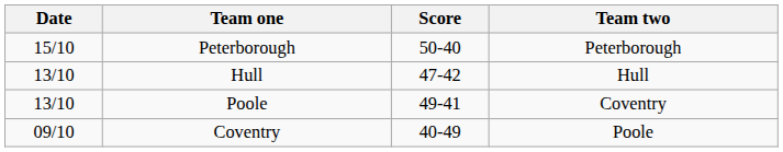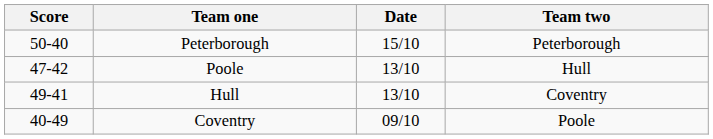 <table class="wikitable" style="text-align: center">
 <tr>
+<th width=80>Score</th>
+<th width=250>Team one</th>
 <th width=80>Date</th>
-<th width=250>Team one</th>
-<th width=80>Score</th>
 <th width=250>Team two</th>
 </tr>
 <tr>
+<td>50-40</td>
+<td>Peterborough</td>
 <td>15/10</td>
-<td>Peterborough</td>
-<td>50-40</td>
 <td>Peterborough</td>
 </tr>
 <tr>
+<td>47-42</td>
+<td>Poole</td>
 <td>13/10</td>
-<td>Hull</td>
-<td>47-42</td>
 <td>Hull</td>
 </tr>
 <tr>
+<td>49-41</td>
+<td>Hull</td>
 <td>13/10</td>
-<td>Poole</td>
-<td>49-41</td>
 <td>Coventry</td>
 </tr>
 <tr>
+<td>40-49</td>
+<td>Coventry</td>
 <td>09/10</td>
-<td>Coventry</td>
-<td>40-49</td>
 <td>Poole</td>
 </tr>
 </table>
